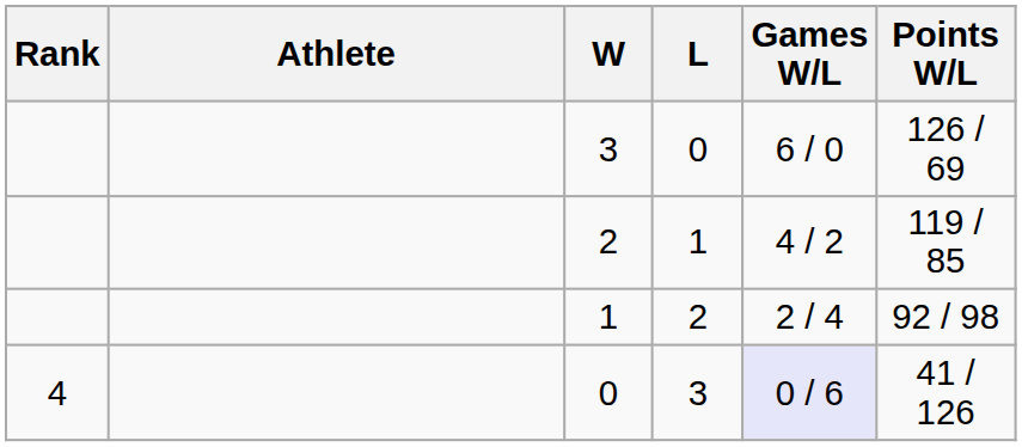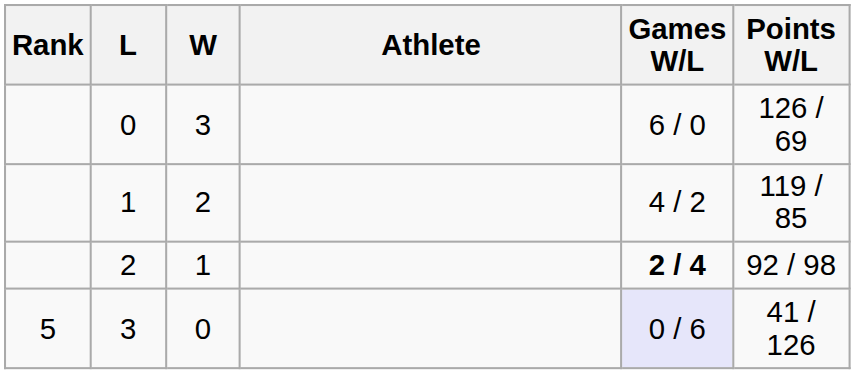 <table class="wikitable" style="text-align: center; font-size:90% ">
 <tr>
 <th width="20">Rank</th>
+<th width="30">L</th>
+<th width="30">W</th>
 <th width="180">Athlete</th>
-<th width="30">W</th>
-<th width="30">L</th>
 <th width="40">Games<br>W/L</th>
 <th width="50">Points<br>W/L</th>
 </tr>
 <tr>
 <td></td>
+<td>0</td>
+<td>3</td>
 <td align=left><strong></strong></td>
-<td>3</td>
-<td>0</td>
 <td>6 / 0</td>
 <td>126 / 69</td>
 </tr>
 <tr>
 <td></td>
+<td>1</td>
+<td>2</td>
 <td align=left><strong></strong></td>
-<td>2</td>
-<td>1</td>
 <td>4 / 2</td>
 <td>119 / 85</td>
 </tr>
 <tr>
 <td></td>
+<td>2</td>
+<td>1</td>
 <td align=left><strong></strong></td>
-<td>1</td>
-<td>2</td>
-<td>2 / 4</td>
+<td><strong>2 / 4</strong></td>
 <td>92 / 98</td>
 </tr>
 <tr>
-<td>4</td>
+<td>5</td>
+<td>3</td>
+<td>0</td>
 <td align=left></td>
-<td>0</td>
-<td>3</td>
 <td style="background: lavender;">0 / 6</td>
 <td>41 / 126</td>
 </tr>
 </table>
